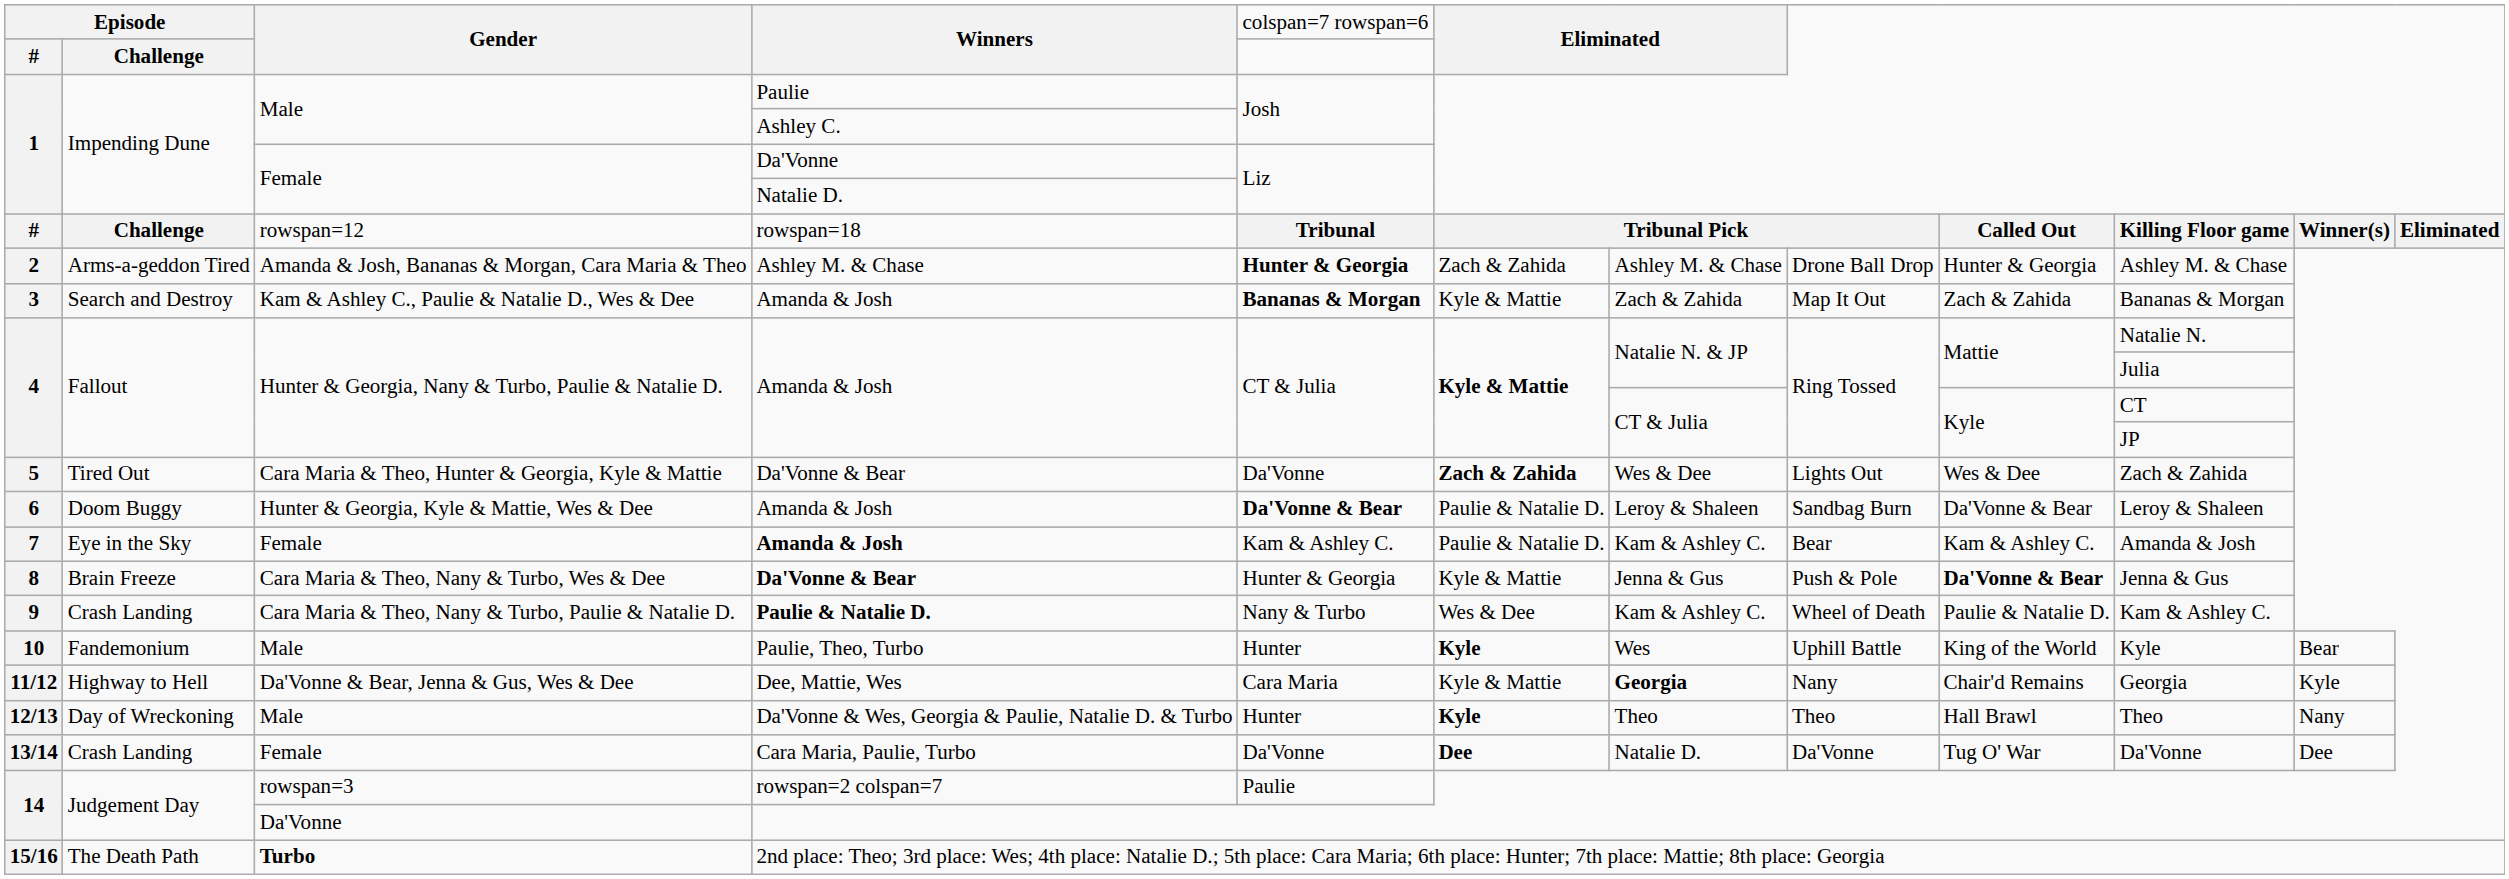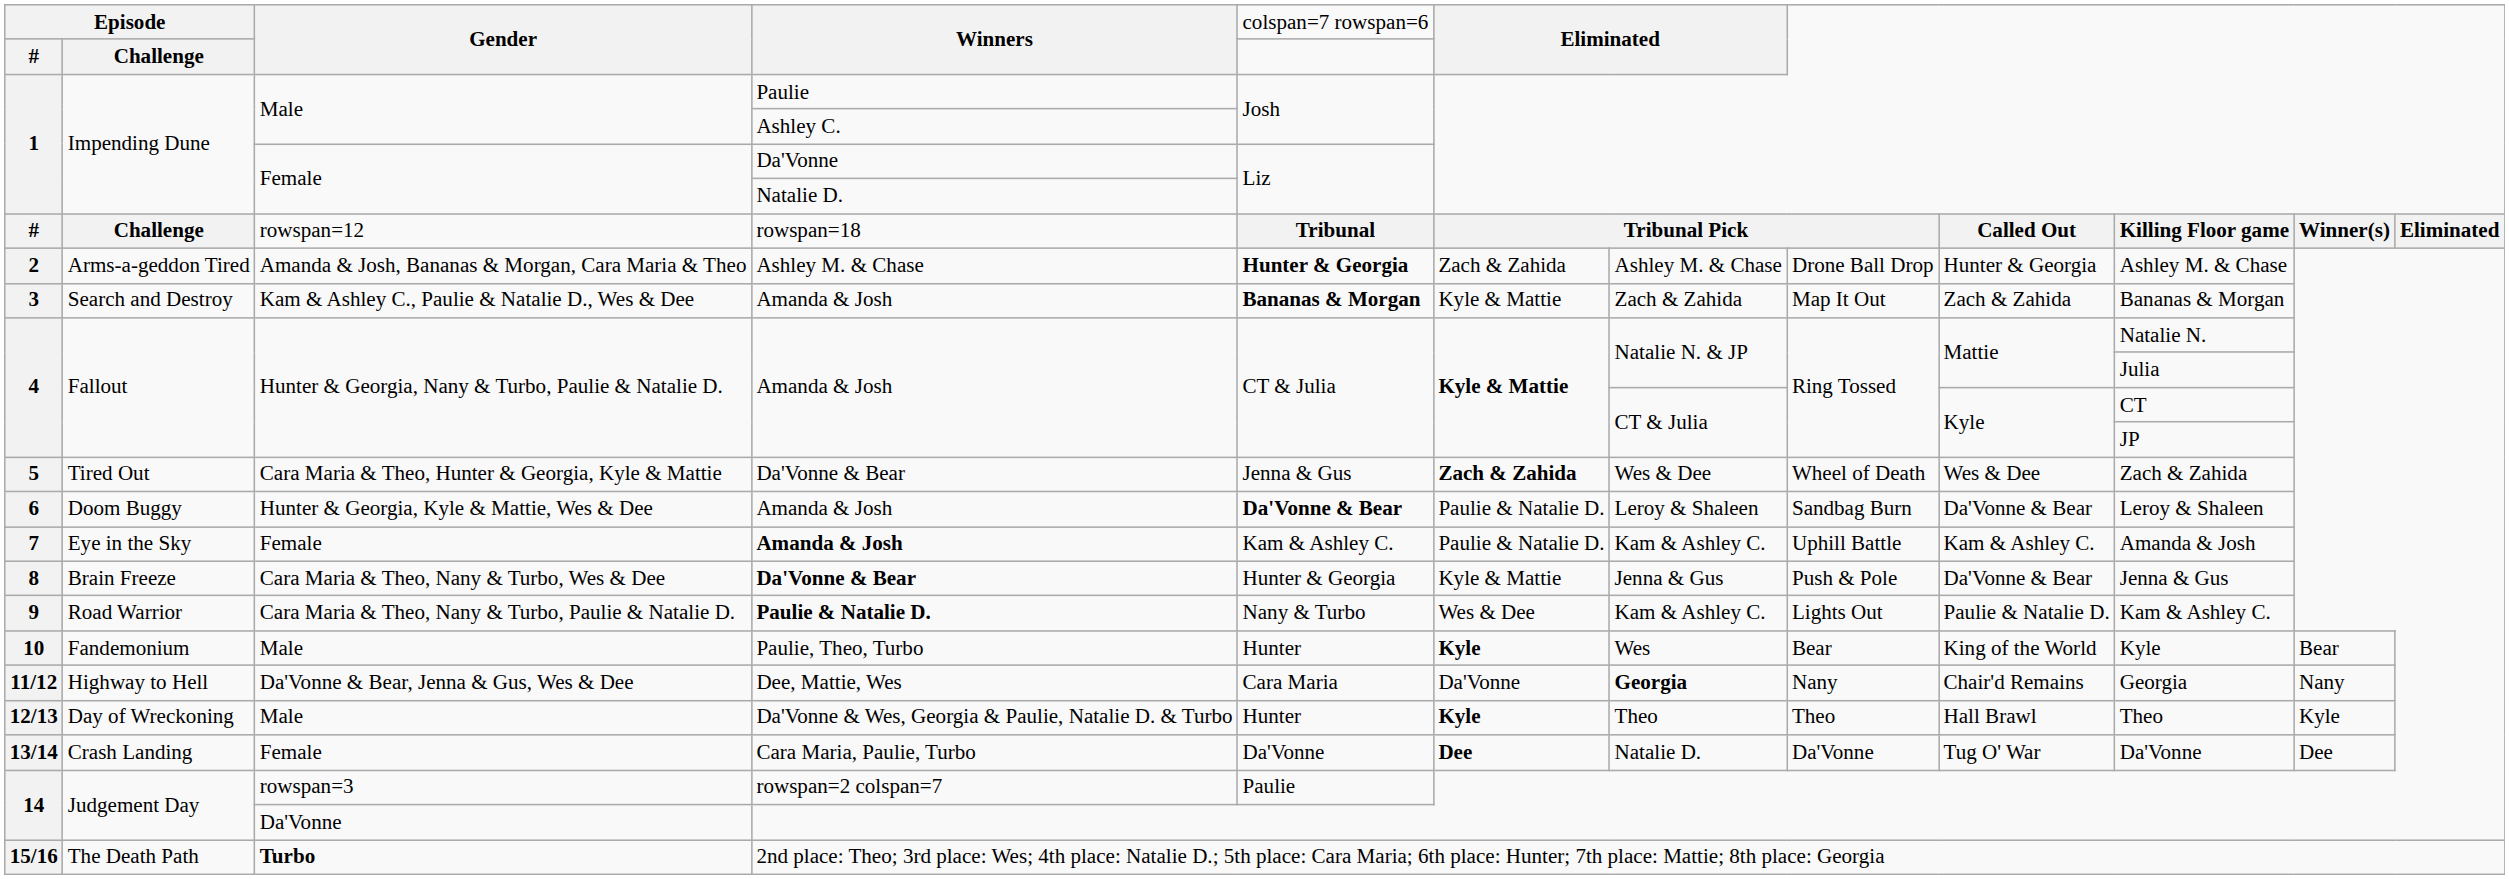 <table class="wikitable" style="font-size:85%; white-space:nowrap;">
 <tr>
 <th colspan=2>Episode</th>
 <th rowspan=2>Gender</th>
 <th rowspan=2>Winners</th>
 <td>colspan=7 rowspan=6 </td>
 <th colspan=2 rowspan=2>Eliminated</th>
 </tr>
 <tr>
 <th>#</th>
 <th>Challenge</th>
 </tr>
 <tr>
 <th rowspan=4>1</th>
 <td rowspan=4>Impending Dune</td>
 <td rowspan=2>Male</td>
 <td>Paulie</td>
 <td rowspan=2>Josh</td>
 </tr>
 <tr>
 <td>Ashley C.</td>
 </tr>
 <tr>
 <td rowspan=2>Female</td>
 <td>Da'Vonne</td>
 <td rowspan=2>Liz</td>
 </tr>
 <tr>
 <td>Natalie D.</td>
 </tr>
 <tr>
 <th>#</th>
 <th>Challenge</th>
 <td>rowspan=12 </td>
 <td>rowspan=18 </td>
 <th>Tribunal</th>
 <th colspan=3>Tribunal Pick</th>
 <th>Called Out</th>
 <th>Killing Floor game</th>
 <th>Winner(s)</th>
 <th>Eliminated</th>
 </tr>
 <tr>
 <th>2</th>
 <td>Arms-a-geddon Tired</td>
 <td>Amanda & Josh, Bananas & Morgan, Cara Maria & Theo</td>
 <td>Ashley M. & Chase</td>
 <td><strong>Hunter & Georgia</strong></td>
 <td>Zach & Zahida</td>
 <td>Ashley M. & Chase</td>
 <td>Drone Ball Drop</td>
 <td>Hunter & Georgia</td>
 <td>Ashley M. & Chase</td>
 </tr>
 <tr>
 <th>3</th>
 <td>Search and Destroy</td>
 <td>Kam & Ashley C., Paulie & Natalie D., Wes & Dee</td>
 <td>Amanda & Josh</td>
 <td><strong>Bananas & Morgan</strong></td>
 <td>Kyle & Mattie</td>
 <td>Zach & Zahida</td>
 <td>Map It Out</td>
 <td>Zach & Zahida</td>
 <td>Bananas & Morgan</td>
 </tr>
 <tr>
 <th rowspan=4>4</th>
 <td rowspan=4>Fallout</td>
 <td rowspan=4>Hunter & Georgia, Nany & Turbo, Paulie & Natalie D.</td>
 <td rowspan=4>Amanda & Josh</td>
 <td rowspan=4>CT & Julia</td>
 <td rowspan=4><strong>Kyle & Mattie</strong></td>
 <td rowspan=2>Natalie N. & JP</td>
 <td rowspan=4>Ring Tossed</td>
 <td rowspan=2>Mattie</td>
 <td>Natalie N.</td>
 </tr>
 <tr>
 <td>Julia</td>
 </tr>
 <tr>
 <td rowspan=2>CT & Julia</td>
 <td rowspan=2>Kyle</td>
 <td>CT</td>
 </tr>
 <tr>
 <td>JP</td>
 </tr>
 <tr>
 <th>5</th>
 <td>Tired Out</td>
 <td>Cara Maria & Theo, Hunter & Georgia, Kyle & Mattie</td>
 <td>Da'Vonne & Bear</td>
-<td>Da'Vonne</td>
+<td>Jenna & Gus</td>
 <td><strong>Zach & Zahida</strong></td>
 <td>Wes & Dee</td>
-<td>Lights Out</td>
+<td>Wheel of Death</td>
 <td>Wes & Dee</td>
 <td>Zach & Zahida</td>
 </tr>
 <tr>
 <th>6</th>
 <td>Doom Buggy</td>
 <td>Hunter & Georgia, Kyle & Mattie, Wes & Dee</td>
 <td>Amanda & Josh</td>
 <td><strong>Da'Vonne & Bear</strong></td>
 <td>Paulie & Natalie D.</td>
 <td>Leroy & Shaleen</td>
 <td>Sandbag Burn</td>
 <td>Da'Vonne & Bear</td>
 <td>Leroy & Shaleen</td>
 </tr>
 <tr>
 <th>7</th>
 <td>Eye in the Sky</td>
 <td>Female</td>
 <td><strong>Amanda & Josh</strong></td>
 <td>Kam & Ashley C.</td>
 <td>Paulie & Natalie D.</td>
 <td>Kam & Ashley C.</td>
-<td>Bear</td>
+<td>Uphill Battle</td>
 <td>Kam & Ashley C.</td>
 <td>Amanda & Josh</td>
 </tr>
 <tr>
 <th>8</th>
 <td>Brain Freeze</td>
 <td>Cara Maria & Theo, Nany & Turbo, Wes & Dee</td>
 <td><strong>Da'Vonne & Bear</strong></td>
 <td>Hunter & Georgia</td>
 <td>Kyle & Mattie</td>
 <td>Jenna & Gus</td>
 <td>Push & Pole</td>
-<td><strong>Da'Vonne & Bear</strong></td>
+<td>Da'Vonne & Bear</td>
 <td>Jenna & Gus</td>
 </tr>
 <tr>
 <th>9</th>
-<td>Crash Landing</td>
+<td>Road Warrior</td>
 <td>Cara Maria & Theo, Nany & Turbo, Paulie & Natalie D.</td>
 <td><strong>Paulie & Natalie D.</strong></td>
 <td>Nany & Turbo</td>
 <td>Wes & Dee</td>
 <td>Kam & Ashley C.</td>
-<td>Wheel of Death</td>
+<td>Lights Out</td>
 <td>Paulie & Natalie D.</td>
 <td>Kam & Ashley C.</td>
 </tr>
 <tr>
 <th>10</th>
 <td>Fandemonium</td>
 <td>Male</td>
 <td>Paulie, Theo, Turbo</td>
 <td>Hunter</td>
 <td><strong>Kyle</strong></td>
 <td>Wes</td>
-<td>Uphill Battle</td>
+<td>Bear</td>
 <td>King of the World</td>
 <td>Kyle</td>
 <td>Bear</td>
 </tr>
 <tr>
 <th>11/12</th>
 <td>Highway to Hell</td>
 <td>Da'Vonne & Bear, Jenna & Gus, Wes & Dee</td>
 <td>Dee, Mattie, Wes</td>
 <td>Cara Maria</td>
-<td>Kyle & Mattie</td>
+<td>Da'Vonne</td>
 <td><strong>Georgia</strong></td>
 <td>Nany</td>
 <td>Chair'd Remains</td>
 <td>Georgia</td>
-<td>Kyle</td>
+<td>Nany</td>
 </tr>
 <tr>
 <th>12/13</th>
 <td>Day of Wreckoning</td>
 <td>Male</td>
 <td>Da'Vonne & Wes, Georgia & Paulie, Natalie D. & Turbo</td>
 <td>Hunter</td>
 <td><strong>Kyle</strong></td>
 <td>Theo</td>
 <td>Theo</td>
 <td>Hall Brawl</td>
 <td>Theo</td>
-<td>Nany</td>
+<td>Kyle</td>
 </tr>
 <tr>
 <th>13/14</th>
 <td>Crash Landing</td>
 <td>Female</td>
 <td>Cara Maria, Paulie, Turbo</td>
 <td>Da'Vonne</td>
 <td><strong>Dee</strong></td>
 <td>Natalie D.</td>
 <td>Da'Vonne</td>
 <td>Tug O' War</td>
 <td>Da'Vonne</td>
 <td>Dee</td>
 </tr>
 <tr>
 <th rowspan=2>14</th>
 <td rowspan=2>Judgement Day</td>
 <td>rowspan=3 </td>
 <td>rowspan=2 colspan=7 </td>
 <td>Paulie</td>
 </tr>
 <tr>
 <td>Da'Vonne</td>
 </tr>
 <tr>
 <th>15/16</th>
 <td>The Death Path</td>
 <td><strong>Turbo</strong></td>
 <td colspan=14>2nd place: Theo; 3rd place: Wes; 4th place: Natalie D.; 5th place: Cara Maria; 6th place: Hunter; 7th place: Mattie; 8th place: Georgia</td>
 </tr>
 </table>
